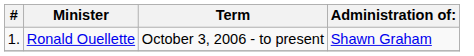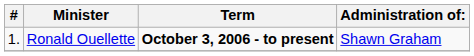 <table class="wikitable">
 <tr>
 <th>#</th>
 <th>Minister</th>
 <th>Term</th>
 <th>Administration of:</th>
 </tr>
 <tr>
 <td>1.</td>
 <td><a href='#'>Ronald Ouellette</a></td>
-<td>October 3, 2006 - to present</td>
+<td><strong>October 3, 2006 - to present</strong></td>
 <td><a href='#'>Shawn Graham</a></td>
 </tr>
 <tr>
 </tr>
 </table>
